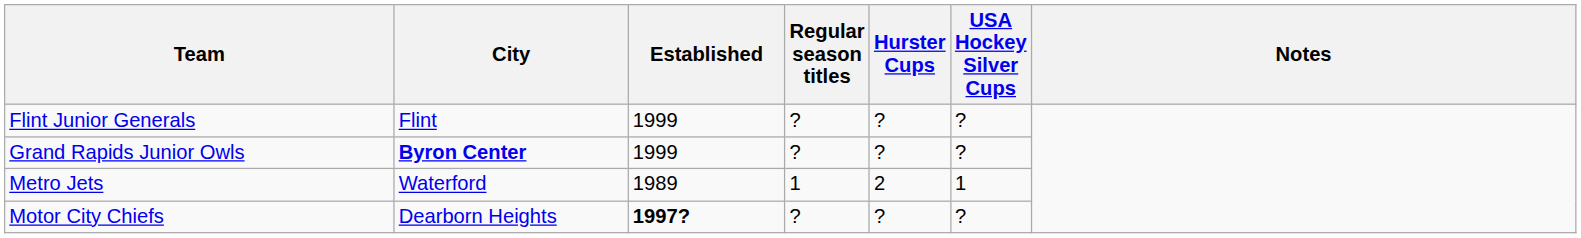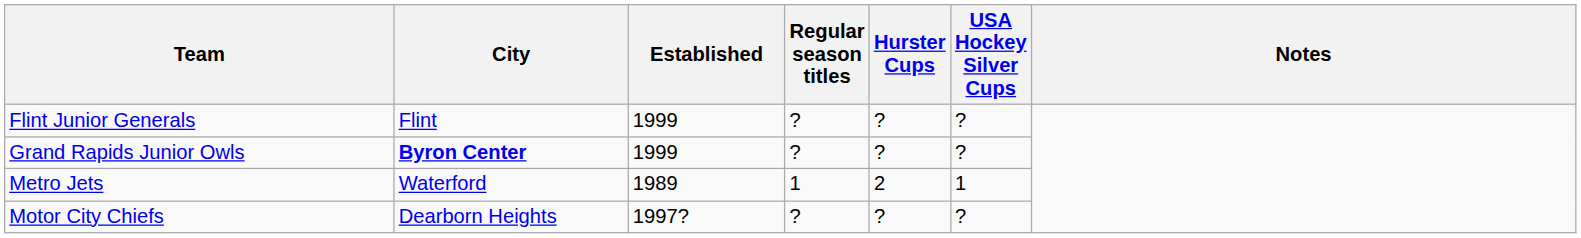 <table class="wikitable">
 <tr>
 <th bgcolor="#DDDDFF" width="25%">Team</th>
 <th bgcolor="#DDDDFF" width="15%">City</th>
 <th bgcolor="#DDDDFF" width="10%">Established</th>
 <th bgcolor="#DDDDFF" width="5%">Regular season titles</th>
 <th bgcolor="#DDDDFF" width="5%"><a href='#'>Hurster Cups</a></th>
 <th bgcolor="#DDDDFF" width="5%"><a href='#'>USA Hockey Silver Cups</a></th>
 <th bgcolor="#DDDDFF" width="35%">Notes</th>
 </tr>
 <tr>
 <td><a href='#'>Flint Junior Generals</a></td>
 <td><a href='#'>Flint</a></td>
 <td>1999</td>
 <td>?</td>
 <td>?</td>
 <td>?</td>
 </tr>
 <tr>
 <td><a href='#'>Grand Rapids Junior Owls</a></td>
 <td><strong><a href='#'>Byron Center</a></strong></td>
 <td>1999</td>
 <td>?</td>
 <td>?</td>
 <td>?</td>
 </tr>
 <tr>
 <td><a href='#'>Metro Jets</a></td>
 <td><a href='#'>Waterford</a></td>
 <td>1989</td>
 <td>1</td>
 <td>2</td>
 <td>1</td>
 </tr>
 <tr>
 <td><a href='#'>Motor City Chiefs</a></td>
 <td><a href='#'>Dearborn Heights</a></td>
-<td><strong>1997?</strong></td>
+<td>1997?</td>
 <td>?</td>
 <td>?</td>
 <td>?</td>
 </tr>
 </table>
